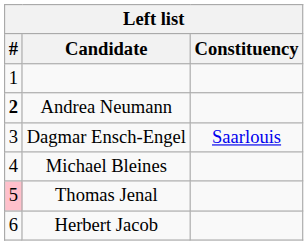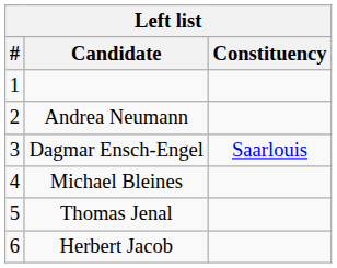 <table class="wikitable mw-collapsible mw-collapsed" style="text-align:center">
 <tr>
 <th colspan=3>Left list</th>
 </tr>
 <tr>
 <th>#</th>
 <th>Candidate</th>
 <th>Constituency</th>
 </tr>
 <tr>
 <td>1</td>
 <td></td>
 <td></td>
 </tr>
 <tr>
-<td><strong>2</strong></td>
+<td>2</td>
 <td>Andrea Neumann</td>
 <td></td>
 </tr>
 <tr>
 <td>3</td>
 <td>Dagmar Ensch-Engel</td>
 <td><a href='#'>Saarlouis</a></td>
 </tr>
 <tr>
 <td>4</td>
 <td>Michael Bleines</td>
 <td></td>
 </tr>
 <tr>
-<td style="background: pink;">5</td>
+<td>5</td>
 <td>Thomas Jenal</td>
 <td></td>
 </tr>
 <tr>
 <td>6</td>
 <td>Herbert Jacob</td>
 <td></td>
 </tr>
 </table>
